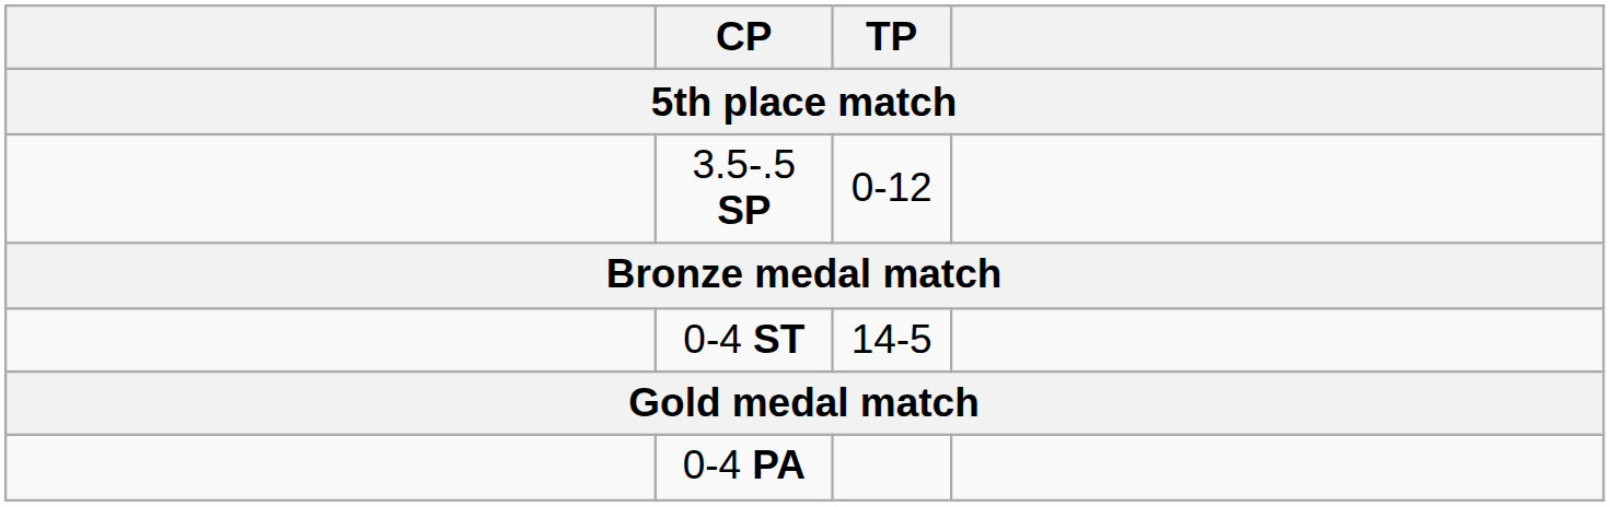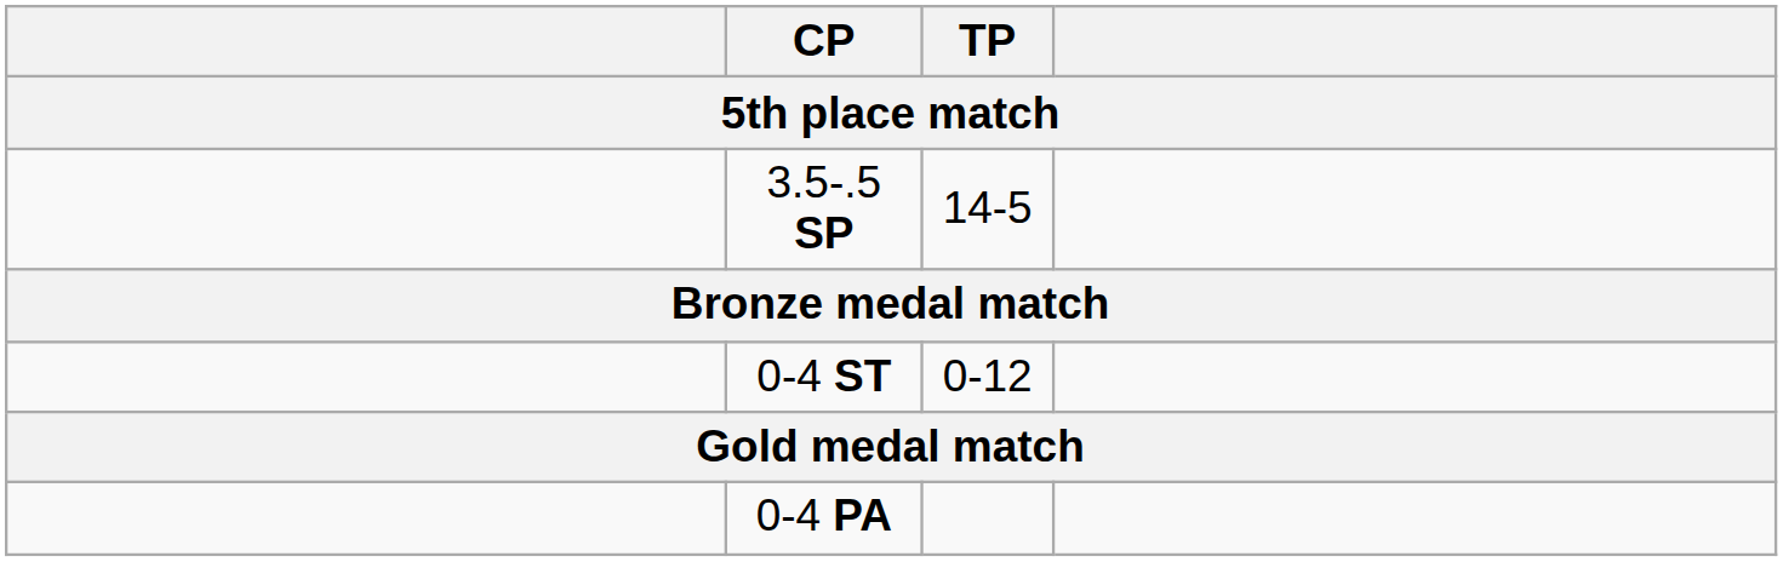 <table class="wikitable" style="text-align: center;" |>
 <tr>
 <th width="250"></th>
 <th width="62">CP</th>
 <th width="40">TP</th>
 <th width="250"></th>
 </tr>
 <tr>
 <th colspan="5">5th place match</th>
 </tr>
 <tr>
 <td style="text-align:left;"><strong></strong></td>
 <td>3.5-.5 <strong>SP</strong></td>
-<td>0-12</td>
+<td>14-5</td>
 <td style="text-align:left;"></td>
 </tr>
 <tr>
 <th colspan="5">Bronze medal match</th>
 </tr>
 <tr>
 <td style="text-align:left;"></td>
 <td>0-4 <strong>ST</strong></td>
-<td>14-5</td>
+<td>0-12</td>
 <td style="text-align:left;"><strong></strong></td>
 </tr>
 <tr>
 <th colspan="5">Gold medal match</th>
 </tr>
 <tr>
 <td style="text-align:left;"></td>
 <td>0-4 <strong>PA</strong></td>
 <td></td>
 <td style="text-align:left;"><strong></strong></td>
 </tr>
 </table>
